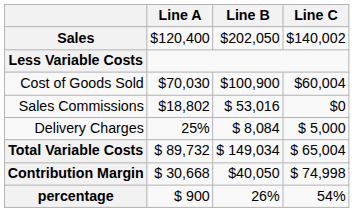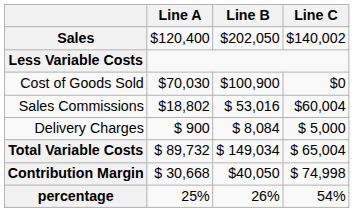 <table class="wikitable">
 <tr>
 <th></th>
 <th>Line A</th>
 <th>Line B</th>
 <th>Line C</th>
 </tr>
 <tr align="right">
 <th align="left">Sales</th>
 <td>$120,400</td>
 <td>$202,050</td>
 <td>$140,002</td>
 </tr>
 <tr>
 <th>Less Variable Costs</th>
 </tr>
 <tr align="right">
 <td>Cost of Goods Sold</td>
 <td>$70,030</td>
 <td>$100,900</td>
-<td>$60,004</td>
+<td>$0</td>
 </tr>
 <tr align="right">
 <td>Sales Commissions</td>
 <td>$18,802</td>
 <td>$ 53,016</td>
-<td>$0</td>
+<td>$60,004</td>
 </tr>
 <tr align="right">
 <td>Delivery Charges</td>
-<td>25%</td>
+<td>$ 900</td>
 <td>$ 8,084</td>
 <td>$ 5,000</td>
 </tr>
 <tr align="right">
 <th>Total Variable Costs</th>
 <td>$ 89,732</td>
 <td>$ 149,034</td>
 <td>$ 65,004</td>
 </tr>
 <tr align="right">
 <th align="left">Contribution Margin</th>
 <td>$ 30,668</td>
 <td>$40,050</td>
 <td>$ 74,998</td>
 </tr>
 <tr align="right">
 <th>percentage</th>
-<td>$ 900</td>
+<td>25%</td>
 <td>26%</td>
 <td>54%</td>
 </tr>
 </table>
